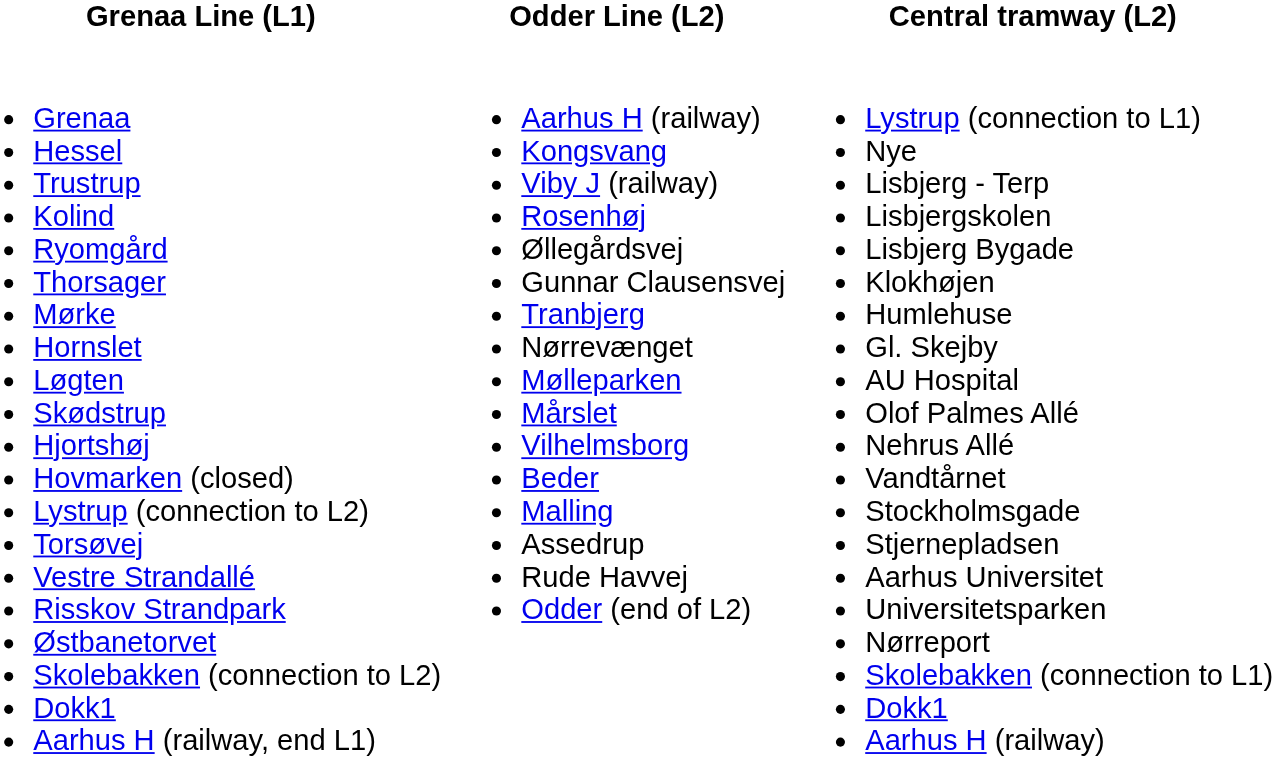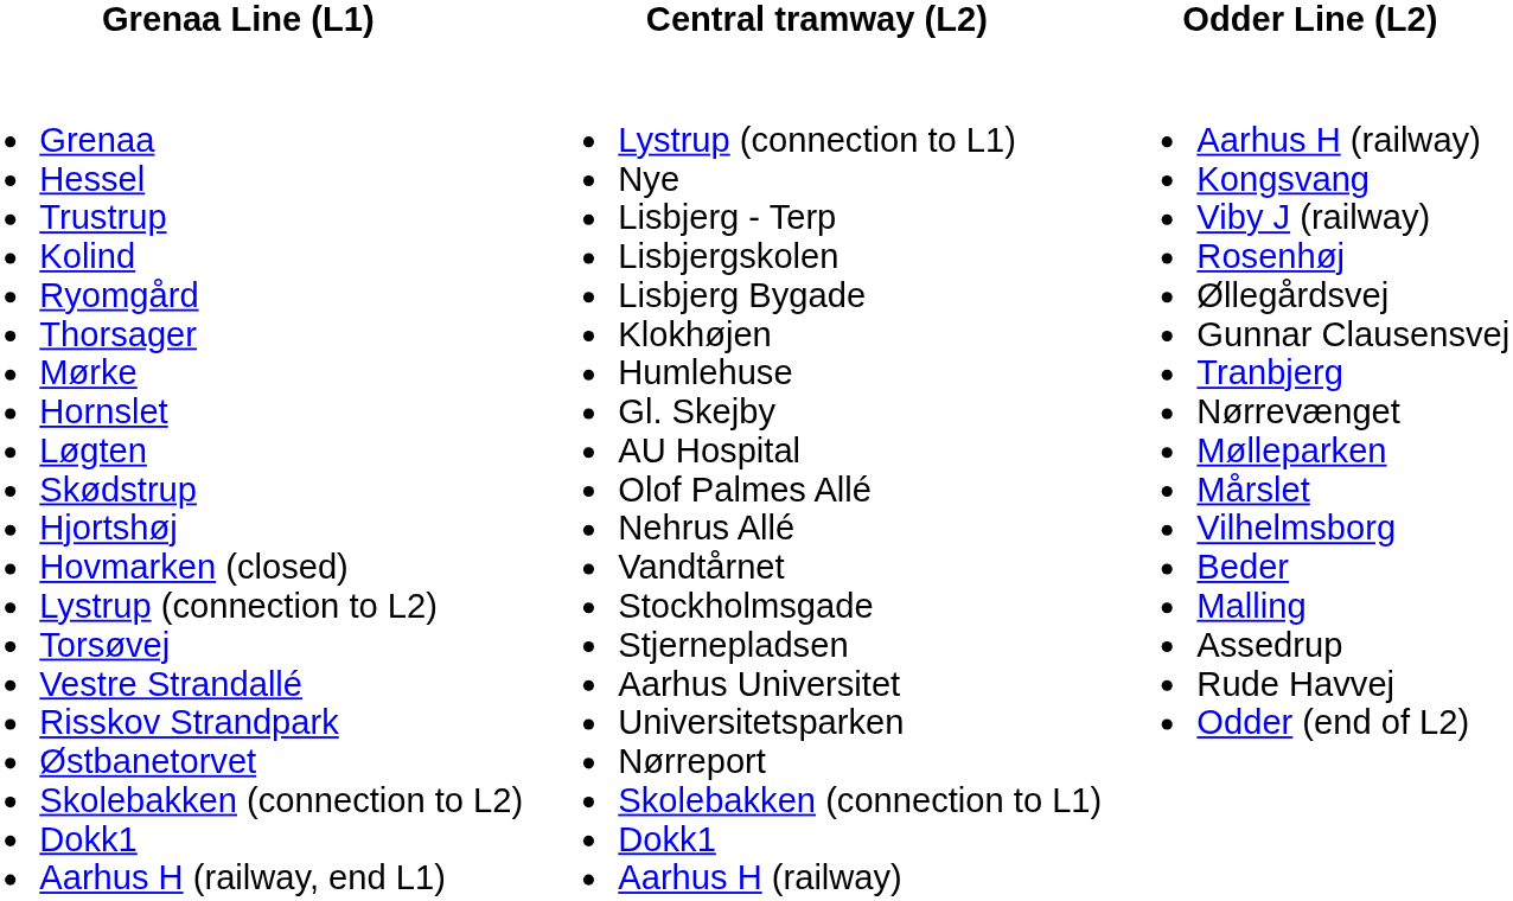 <table>
 <tr>
 <th>Grenaa Line (L1)</th>
+<th>Central tramway (L2)</th>
 <th>Odder Line (L2)</th>
-<th>Central tramway (L2)</th>
 </tr>
 <tr valign=top>
 <td><br><ul><li><a href='#'>Grenaa</a></li><li><a href='#'>Hessel</a></li><li><a href='#'>Trustrup</a></li><li><a href='#'>Kolind</a></li><li><a href='#'>Ryomgård</a></li><li><a href='#'>Thorsager</a></li><li><a href='#'>Mørke</a></li><li><a href='#'>Hornslet</a></li><li><a href='#'>Løgten</a></li><li><a href='#'>Skødstrup</a></li><li><a href='#'>Hjortshøj</a></li><li><a href='#'>Hovmarken</a> (closed)</li><li><a href='#'>Lystrup</a> (connection to L2)</li><li><a href='#'>Torsøvej</a></li><li><a href='#'>Vestre Strandallé</a></li><li><a href='#'>Risskov Strandpark</a></li><li><a href='#'>Østbanetorvet</a></li><li><a href='#'>Skolebakken</a> (connection to L2)</li><li><a href='#'>Dokk1</a></li><li><a href='#'>Aarhus H</a> (railway, end L1)</li></ul></td>
+<td><br><ul><li><a href='#'>Lystrup</a> (connection to L1)</li><li>Nye</li><li>Lisbjerg - Terp</li><li>Lisbjergskolen</li><li>Lisbjerg Bygade</li><li>Klokhøjen</li><li>Humlehuse</li><li>Gl. Skejby</li><li>AU Hospital</li><li>Olof Palmes Allé</li><li>Nehrus Allé</li><li>Vandtårnet</li><li>Stockholmsgade</li><li>Stjernepladsen</li><li>Aarhus Universitet</li><li>Universitetsparken</li><li>Nørreport</li><li><a href='#'>Skolebakken</a> (connection to L1)</li><li><a href='#'>Dokk1</a></li><li><a href='#'>Aarhus H</a> (railway)</li></ul></td>
 <td><br><ul><li><a href='#'>Aarhus H</a> (railway)</li><li><a href='#'>Kongsvang</a></li><li><a href='#'>Viby J</a> (railway)</li><li><a href='#'>Rosenhøj</a></li><li>Øllegårdsvej</li><li>Gunnar Clausensvej</li><li><a href='#'>Tranbjerg</a></li><li>Nørrevænget</li><li><a href='#'>Mølleparken</a></li><li><a href='#'>Mårslet</a></li><li><a href='#'>Vilhelmsborg</a></li><li><a href='#'>Beder</a></li><li><a href='#'>Malling</a></li><li>Assedrup</li><li>Rude Havvej</li><li><a href='#'>Odder</a> (end of L2)</li></ul></td>
-<td><br><ul><li><a href='#'>Lystrup</a> (connection to L1)</li><li>Nye</li><li>Lisbjerg - Terp</li><li>Lisbjergskolen</li><li>Lisbjerg Bygade</li><li>Klokhøjen</li><li>Humlehuse</li><li>Gl. Skejby</li><li>AU Hospital</li><li>Olof Palmes Allé</li><li>Nehrus Allé</li><li>Vandtårnet</li><li>Stockholmsgade</li><li>Stjernepladsen</li><li>Aarhus Universitet</li><li>Universitetsparken</li><li>Nørreport</li><li><a href='#'>Skolebakken</a> (connection to L1)</li><li><a href='#'>Dokk1</a></li><li><a href='#'>Aarhus H</a> (railway)</li></ul></td>
 </tr>
 </table>
